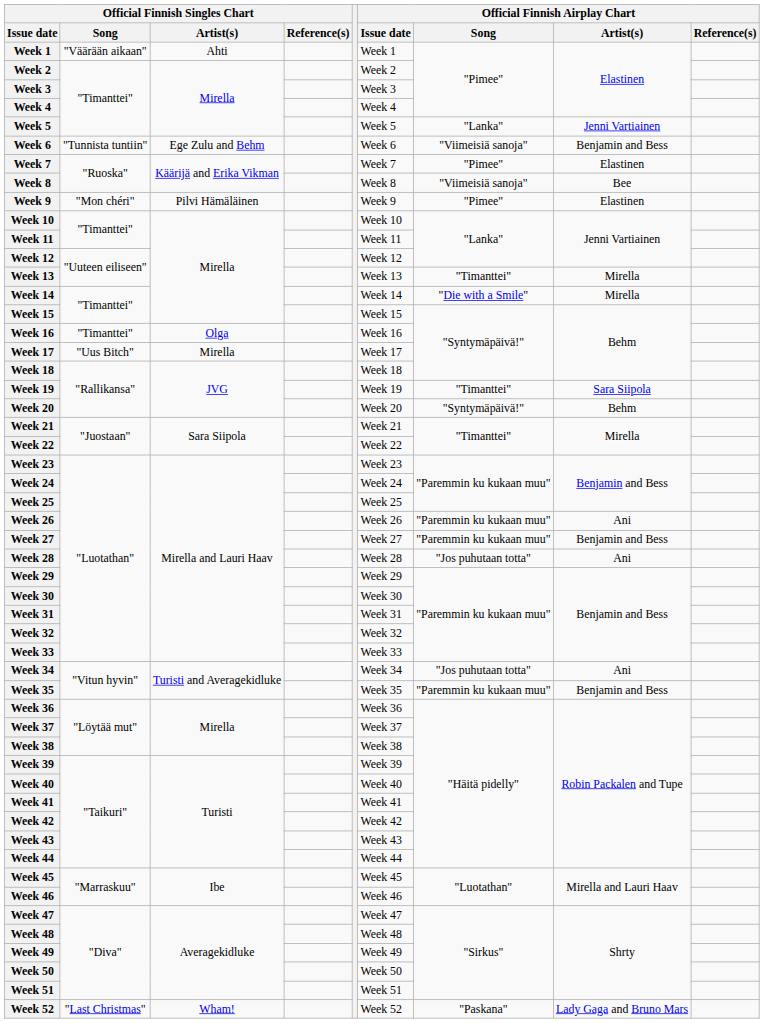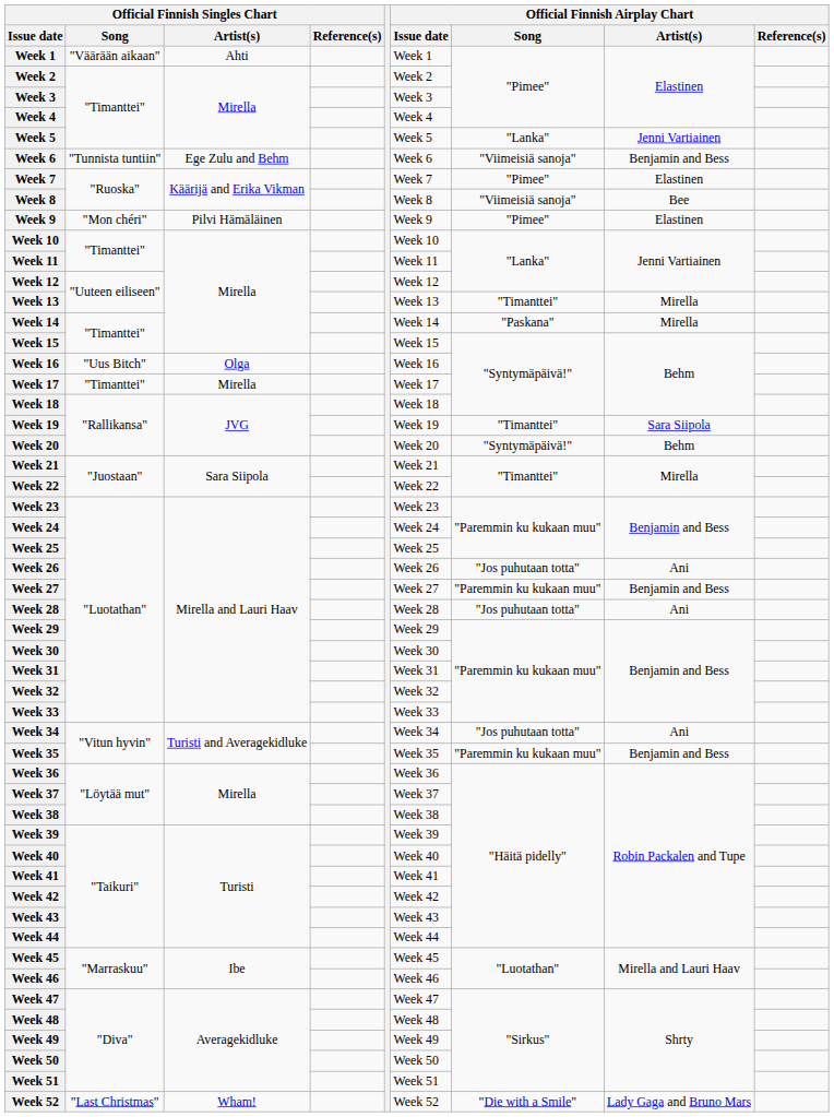 <table class="wikitable plainrowheaders" style="text-align:center">
 <tr>
 <th scope="col" colspan="4">Official Finnish Singles Chart</th>
 <th scope="col" colspan="1" rowspan="55"></th>
 <th scope="col" colspan="4">Official Finnish Airplay Chart</th>
 </tr>
 <tr>
 <th scope="col">Issue date</th>
 <th scope="col">Song</th>
 <th scope="col">Artist(s)</th>
 <th scope="col">Reference(s)</th>
 <th scope="col">Issue date</th>
 <th scope="col">Song</th>
 <th scope="col">Artist(s)</th>
 <th scope="col">Reference(s)</th>
 </tr>
 <tr>
 <th scope="row">Week 1</th>
 <td>"Väärään aikaan"</td>
 <td>Ahti<br></td>
 <td></td>
 <td style="text-align: left;">Week 1</td>
 <td rowspan="4">"Pimee"</td>
 <td rowspan="4"><a href='#'>Elastinen</a><br></td>
 <td></td>
 </tr>
 <tr>
 <th scope="row">Week 2</th>
 <td rowspan="4">"Timanttei"</td>
 <td rowspan="4"><a href='#'>Mirella</a></td>
 <td></td>
 <td style="text-align: left;">Week 2</td>
 <td></td>
 </tr>
 <tr>
 <th scope="row">Week 3</th>
 <td></td>
 <td style="text-align: left;">Week 3</td>
 <td></td>
 </tr>
 <tr>
 <th scope="row">Week 4</th>
 <td></td>
 <td style="text-align: left;">Week 4</td>
 <td></td>
 </tr>
 <tr>
 <th scope="row">Week 5</th>
 <td></td>
 <td style="text-align: left;">Week 5</td>
 <td>"Lanka"</td>
 <td><a href='#'>Jenni Vartiainen</a></td>
 <td></td>
 </tr>
 <tr>
 <th scope="row">Week 6</th>
 <td>"Tunnista tuntiin"</td>
 <td>Ege Zulu and <a href='#'>Behm</a></td>
 <td></td>
 <td style="text-align: left;">Week 6</td>
 <td>"Viimeisiä sanoja"</td>
 <td>Benjamin and Bess</td>
 <td></td>
 </tr>
 <tr>
 <th scope="row">Week 7</th>
 <td rowspan="2">"Ruoska"</td>
 <td rowspan="2"><a href='#'>Käärijä</a> and <a href='#'>Erika Vikman</a></td>
 <td></td>
 <td style="text-align: left;">Week 7</td>
 <td>"Pimee"</td>
 <td>Elastinen<br></td>
 <td></td>
 </tr>
 <tr>
 <th scope="row">Week 8</th>
 <td></td>
 <td style="text-align: left;">Week 8</td>
 <td>"Viimeisiä sanoja"</td>
 <td>Bee</td>
 <td></td>
 </tr>
 <tr>
 <th scope="row">Week 9</th>
 <td>"Mon chéri"</td>
 <td>Pilvi Hämäläinen</td>
 <td></td>
 <td style="text-align: left;">Week 9</td>
 <td>"Pimee"</td>
 <td>Elastinen<br></td>
 <td></td>
 </tr>
 <tr>
 <th scope="row">Week 10</th>
 <td rowspan="2">"Timanttei"</td>
 <td rowspan="6">Mirella</td>
 <td></td>
 <td style="text-align: left;">Week 10</td>
 <td rowspan="3">"Lanka"</td>
 <td rowspan="3">Jenni Vartiainen</td>
 <td></td>
 </tr>
 <tr>
 <th scope="row">Week 11</th>
 <td></td>
 <td style="text-align: left;">Week 11</td>
 <td></td>
 </tr>
 <tr>
 <th scope="row">Week 12</th>
 <td rowspan="2">"Uuteen eiliseen"</td>
 <td></td>
 <td style="text-align: left;">Week 12</td>
 <td></td>
 </tr>
 <tr>
 <th scope="row">Week 13</th>
 <td></td>
 <td style="text-align: left;">Week 13</td>
 <td>"Timanttei"</td>
 <td>Mirella</td>
 <td></td>
 </tr>
 <tr>
 <th scope="row">Week 14</th>
 <td rowspan="2">"Timanttei"</td>
 <td></td>
 <td style="text-align: left;">Week 14</td>
-<td>"<a href='#'>Die with a Smile</a>"</td>
+<td>"Paskana"</td>
 <td>Mirella</td>
 <td></td>
 </tr>
 <tr>
 <th scope="row">Week 15</th>
 <td></td>
 <td style="text-align: left;">Week 15</td>
 <td rowspan="4">"Syntymäpäivä!"</td>
 <td rowspan="4">Behm</td>
 <td></td>
 </tr>
 <tr>
 <th scope="row">Week 16</th>
-<td>"Timanttei"</td>
+<td>"Uus Bitch"</td>
 <td><a href='#'>Olga</a></td>
 <td></td>
 <td style="text-align: left;">Week 16</td>
 <td></td>
 </tr>
 <tr>
 <th scope="row">Week 17</th>
-<td>"Uus Bitch"</td>
+<td>"Timanttei"</td>
 <td>Mirella</td>
 <td></td>
 <td style="text-align: left;">Week 17</td>
 <td></td>
 </tr>
 <tr>
 <th scope="row">Week 18</th>
 <td rowspan="3">"Rallikansa"</td>
 <td rowspan="3"><a href='#'>JVG</a></td>
 <td></td>
 <td style="text-align: left;">Week 18</td>
 <td></td>
 </tr>
 <tr>
 <th scope="row">Week 19</th>
 <td></td>
 <td style="text-align: left;">Week 19</td>
 <td>"Timanttei"</td>
 <td><a href='#'>Sara Siipola</a></td>
 <td></td>
 </tr>
 <tr>
 <th scope="row">Week 20</th>
 <td></td>
 <td style="text-align: left;">Week 20</td>
 <td>"Syntymäpäivä!"</td>
 <td>Behm</td>
 <td></td>
 </tr>
 <tr>
 <th scope="row">Week 21</th>
 <td rowspan="2">"Juostaan"</td>
 <td rowspan="2">Sara Siipola<br></td>
 <td></td>
 <td style="text-align: left;">Week 21</td>
 <td rowspan="2">"Timanttei"</td>
 <td rowspan="2">Mirella</td>
 <td></td>
 </tr>
 <tr>
 <th scope="row">Week 22</th>
 <td></td>
 <td style="text-align: left;">Week 22</td>
 <td></td>
 </tr>
 <tr>
 <th scope="row">Week 23</th>
 <td rowspan="11">"Luotathan"</td>
 <td rowspan="11">Mirella and Lauri Haav</td>
 <td></td>
 <td style="text-align: left;">Week 23</td>
 <td rowspan="3">"Paremmin ku kukaan muu"</td>
 <td rowspan="3"><a href='#'>Benjamin</a> and Bess</td>
 <td></td>
 </tr>
 <tr>
 <th scope="row">Week 24</th>
 <td></td>
 <td style="text-align: left;">Week 24</td>
 <td></td>
 </tr>
 <tr>
 <th scope="row">Week 25</th>
 <td></td>
 <td style="text-align: left;">Week 25</td>
 <td></td>
 </tr>
 <tr>
 <th scope="row">Week 26</th>
 <td></td>
 <td style="text-align: left;">Week 26</td>
-<td>"Paremmin ku kukaan muu"</td>
+<td>"Jos puhutaan totta"</td>
 <td>Ani</td>
 <td></td>
 </tr>
 <tr>
 <th scope="row">Week 27</th>
 <td></td>
 <td style="text-align: left;">Week 27</td>
 <td>"Paremmin ku kukaan muu"</td>
 <td>Benjamin and Bess</td>
 <td></td>
 </tr>
 <tr>
 <th scope="row">Week 28</th>
 <td></td>
 <td style="text-align: left;">Week 28</td>
 <td>"Jos puhutaan totta"</td>
 <td>Ani</td>
 <td></td>
 </tr>
 <tr>
 <th scope="row">Week 29</th>
 <td></td>
 <td style="text-align: left;">Week 29</td>
 <td rowspan="5">"Paremmin ku kukaan muu"</td>
 <td rowspan="5">Benjamin and Bess</td>
 <td></td>
 </tr>
 <tr>
 <th scope="row">Week 30</th>
 <td></td>
 <td style="text-align: left;">Week 30</td>
 <td></td>
 </tr>
 <tr>
 <th scope="row">Week 31</th>
 <td></td>
 <td style="text-align: left;">Week 31</td>
 <td></td>
 </tr>
 <tr>
 <th scope="row">Week 32</th>
 <td></td>
 <td style="text-align: left;">Week 32</td>
 <td></td>
 </tr>
 <tr>
 <th scope="row">Week 33</th>
 <td></td>
 <td style="text-align: left;">Week 33</td>
 <td></td>
 </tr>
 <tr>
 <th scope="row">Week 34</th>
 <td rowspan="2">"Vitun hyvin"</td>
 <td rowspan="2"><a href='#'>Turisti</a> and Averagekidluke</td>
 <td></td>
 <td style="text-align: left;">Week 34</td>
 <td>"Jos puhutaan totta"</td>
 <td>Ani</td>
 <td></td>
 </tr>
 <tr>
 <th scope="row">Week 35</th>
 <td></td>
 <td style="text-align: left;">Week 35</td>
 <td>"Paremmin ku kukaan muu"</td>
 <td>Benjamin and Bess</td>
 <td></td>
 </tr>
 <tr>
 <th scope="row">Week 36</th>
 <td rowspan="3">"Löytää mut"</td>
 <td rowspan="3">Mirella</td>
 <td></td>
 <td style="text-align: left;">Week 36</td>
 <td rowspan="9">"Häitä pidelly"</td>
 <td rowspan="9"><a href='#'>Robin Packalen</a> and Tupe</td>
 <td></td>
 </tr>
 <tr>
 <th scope="row">Week 37</th>
 <td></td>
 <td style="text-align: left;">Week 37</td>
 <td></td>
 </tr>
 <tr>
 <th scope="row">Week 38</th>
 <td></td>
 <td style="text-align: left;">Week 38</td>
 <td></td>
 </tr>
 <tr>
 <th scope="row">Week 39</th>
 <td rowspan="6">"Taikuri"</td>
 <td rowspan="6">Turisti</td>
 <td></td>
 <td style="text-align: left;">Week 39</td>
 <td></td>
 </tr>
 <tr>
 <th scope="row">Week 40</th>
 <td></td>
 <td style="text-align: left;">Week 40</td>
 <td></td>
 </tr>
 <tr>
 <th scope="row">Week 41</th>
 <td></td>
 <td style="text-align: left;">Week 41</td>
 <td></td>
 </tr>
 <tr>
 <th scope="row">Week 42</th>
 <td></td>
 <td style="text-align: left;">Week 42</td>
 <td></td>
 </tr>
 <tr>
 <th scope="row">Week 43</th>
 <td></td>
 <td style="text-align: left;">Week 43</td>
 <td></td>
 </tr>
 <tr>
 <th scope="row">Week 44</th>
 <td></td>
 <td style="text-align: left;">Week 44</td>
 <td></td>
 </tr>
 <tr>
 <th scope="row">Week 45</th>
 <td rowspan="2">"Marraskuu"</td>
 <td rowspan="2">Ibe</td>
 <td></td>
 <td style="text-align: left;">Week 45</td>
 <td rowspan="2">"Luotathan"</td>
 <td rowspan="2">Mirella and Lauri Haav</td>
 <td></td>
 </tr>
 <tr>
 <th scope="row">Week 46</th>
 <td></td>
 <td style="text-align: left;">Week 46</td>
 <td></td>
 </tr>
 <tr>
 <th scope="row">Week 47</th>
 <td rowspan="5">"Diva"</td>
 <td rowspan="5">Averagekidluke</td>
 <td></td>
 <td style="text-align: left;">Week 47</td>
 <td rowspan="5">"Sirkus"</td>
 <td rowspan="5">Shrty</td>
 <td></td>
 </tr>
 <tr>
 <th scope="row">Week 48</th>
 <td></td>
 <td style="text-align: left;">Week 48</td>
 <td></td>
 </tr>
 <tr>
 <th scope="row">Week 49</th>
 <td></td>
 <td style="text-align: left;">Week 49</td>
 <td></td>
 </tr>
 <tr>
 <th scope="row">Week 50</th>
 <td></td>
 <td style="text-align: left;">Week 50</td>
 <td></td>
 </tr>
 <tr>
 <th scope="row">Week 51</th>
 <td></td>
 <td style="text-align: left;">Week 51</td>
 <td></td>
 </tr>
 <tr>
 <th scope="row">Week 52</th>
 <td>"<a href='#'>Last Christmas</a>"</td>
 <td><a href='#'>Wham!</a></td>
 <td></td>
 <td style="text-align: left;">Week 52</td>
-<td>"Paskana"</td>
+<td>"<a href='#'>Die with a Smile</a>"</td>
 <td><a href='#'>Lady Gaga</a> and <a href='#'>Bruno Mars</a></td>
 <td></td>
 </tr>
 </table>
